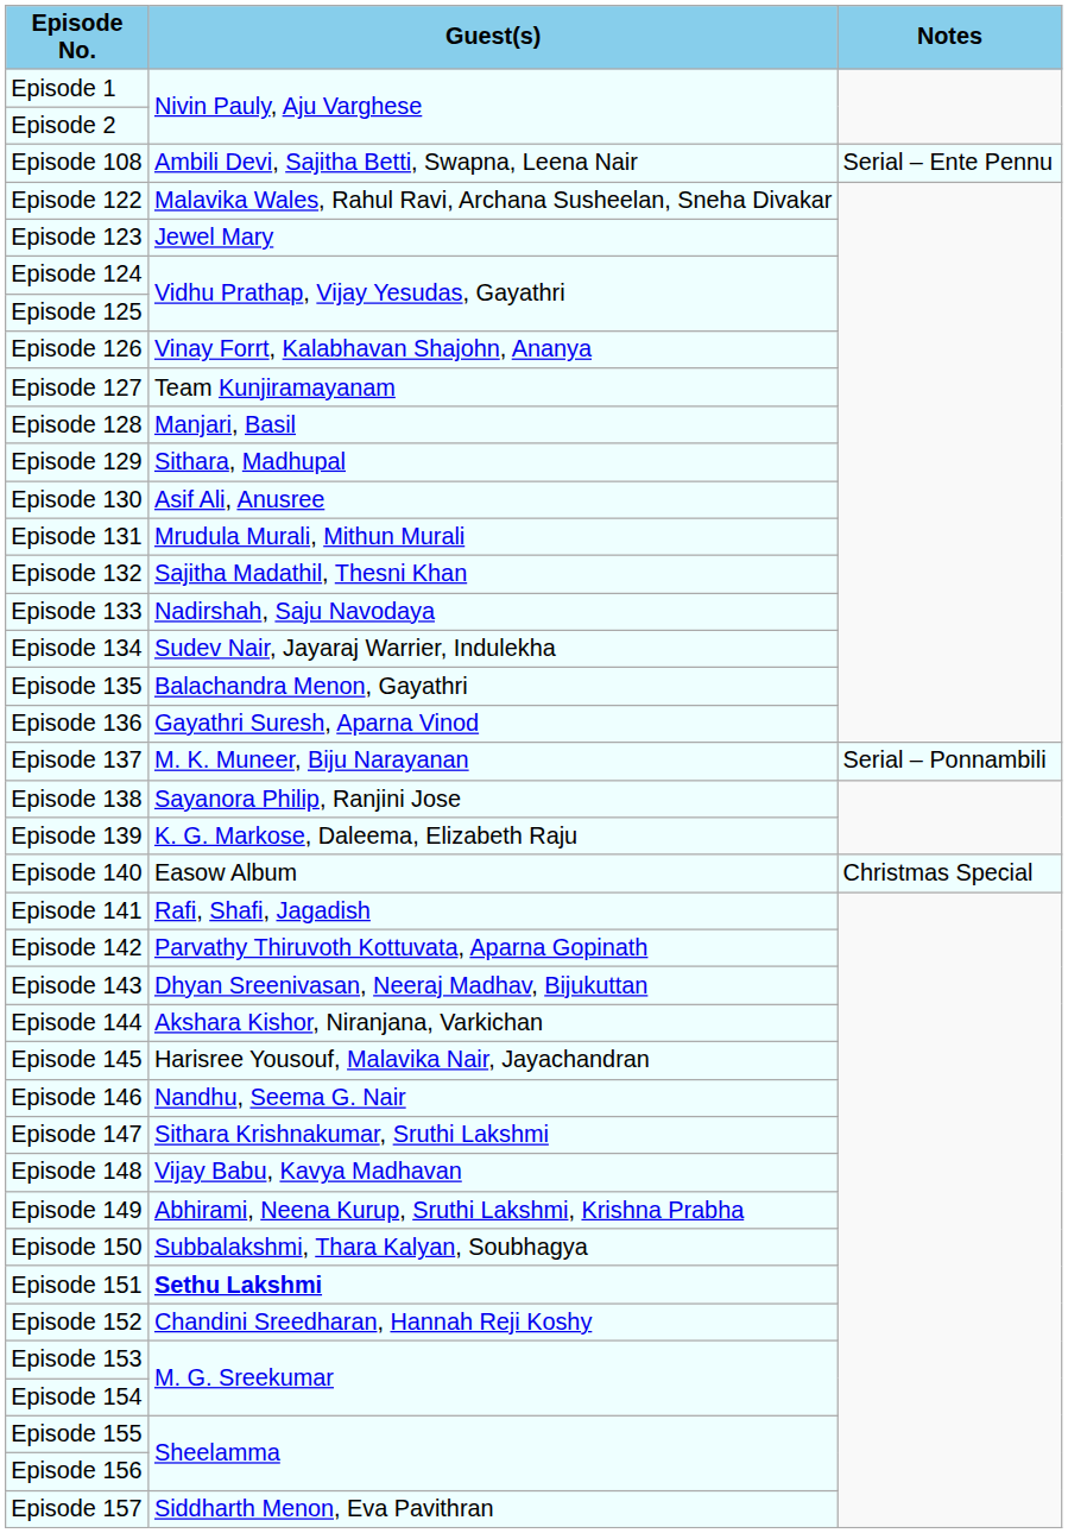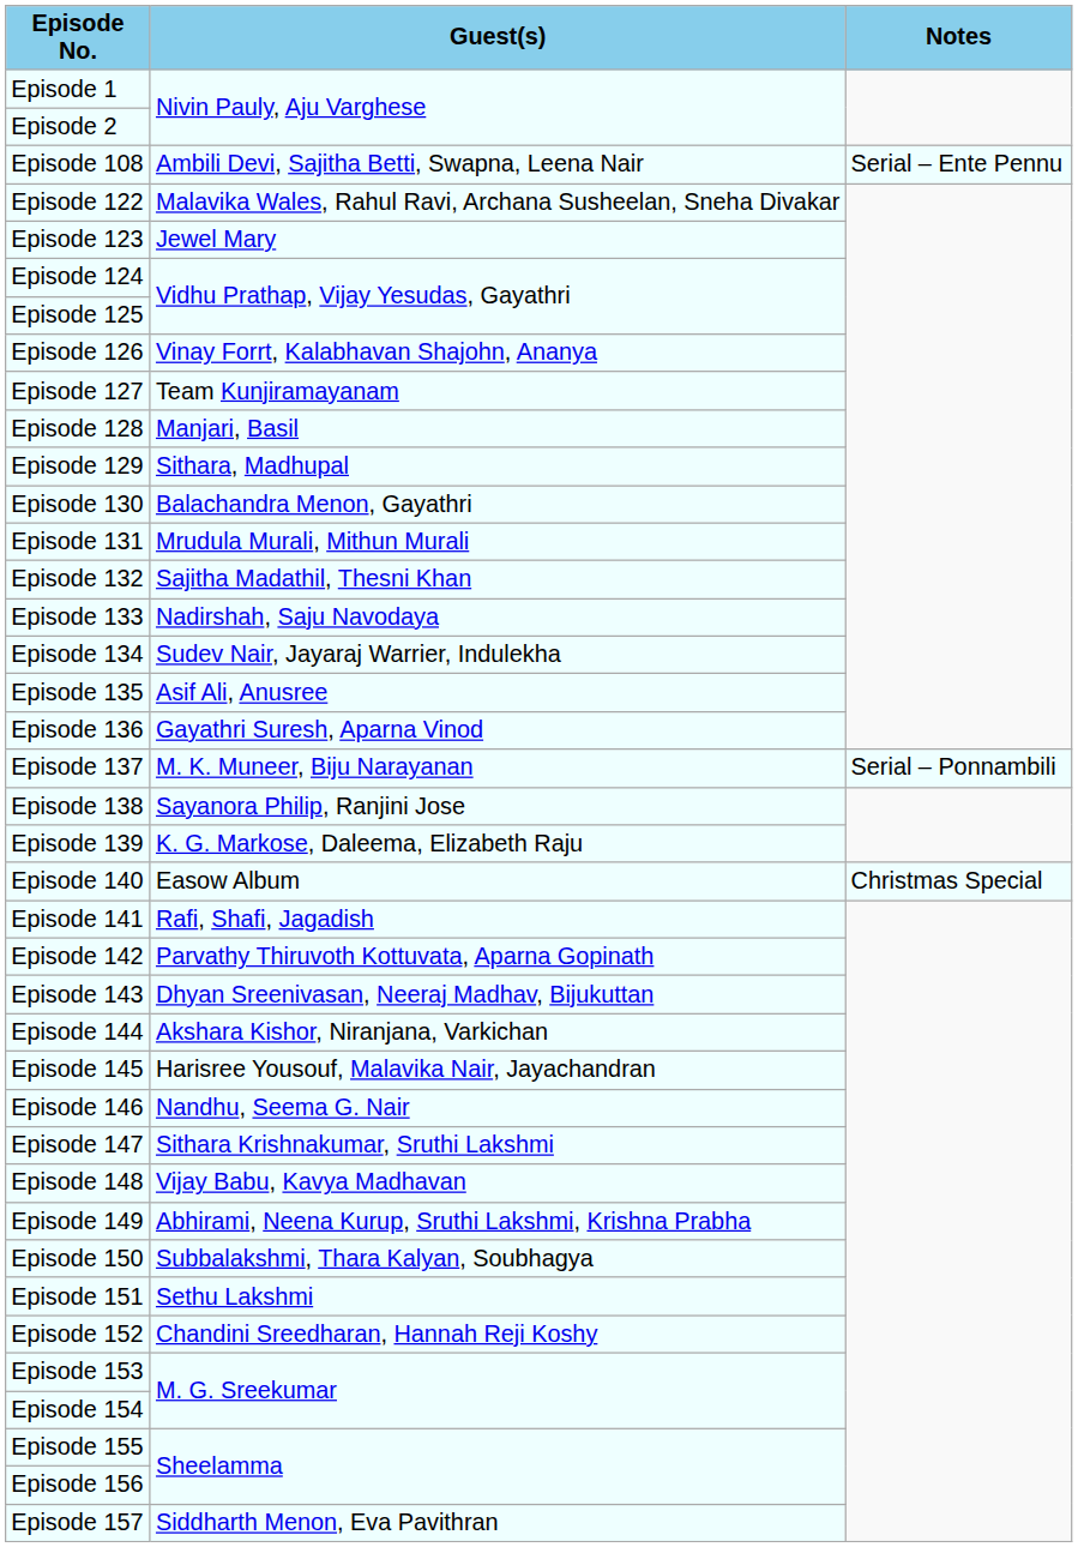 <table class="wikitable">
 <tr>
 <th style="background:skyBlue" width="90">Episode No.</th>
 <th style="background:skyBlue">Guest(s)</th>
 <th style="background:skyBlue" width="145">Notes</th>
 </tr>
 <tr style="background:#eff;">
 <td>Episode 1</td>
 <td rowspan=2><a href='#'>Nivin Pauly</a>, <a href='#'>Aju Varghese</a></td>
 </tr>
 <tr style="background:#eff;">
 <td>Episode 2</td>
 </tr>
 <tr style="background:#eff;">
 <td>Episode 108</td>
 <td><a href='#'>Ambili Devi</a>, <a href='#'>Sajitha Betti</a>, Swapna, Leena Nair</td>
 <td>Serial – Ente Pennu</td>
 </tr>
 <tr style="background:#eff;">
 <td>Episode 122</td>
 <td><a href='#'>Malavika Wales</a>, Rahul Ravi, Archana Susheelan, Sneha Divakar</td>
 </tr>
 <tr style="background:#eff;">
 <td>Episode 123</td>
 <td><a href='#'>Jewel Mary</a></td>
 </tr>
 <tr style="background:#eff;">
 <td>Episode 124</td>
 <td rowspan=2><a href='#'>Vidhu Prathap</a>, <a href='#'>Vijay Yesudas</a>, Gayathri</td>
 </tr>
 <tr style="background:#eff;">
 <td>Episode 125</td>
 </tr>
 <tr style="background:#eff;">
 <td>Episode 126</td>
 <td><a href='#'>Vinay Forrt</a>, <a href='#'>Kalabhavan Shajohn</a>, <a href='#'>Ananya</a></td>
 </tr>
 <tr style="background:#eff;">
 <td>Episode 127</td>
 <td>Team <a href='#'>Kunjiramayanam</a></td>
 </tr>
 <tr style="background:#eff;">
 <td>Episode 128</td>
 <td><a href='#'>Manjari</a>, <a href='#'>Basil</a></td>
 </tr>
 <tr style="background:#eff;">
 <td>Episode 129</td>
 <td><a href='#'>Sithara</a>, <a href='#'>Madhupal</a></td>
 </tr>
 <tr style="background:#eff;">
 <td>Episode 130</td>
-<td><a href='#'>Asif Ali</a>, <a href='#'>Anusree</a></td>
+<td><a href='#'>Balachandra Menon</a>, Gayathri</td>
 </tr>
 <tr style="background:#eff;">
 <td>Episode 131</td>
 <td><a href='#'>Mrudula Murali</a>, <a href='#'>Mithun Murali</a></td>
 </tr>
 <tr style="background:#eff;">
 <td>Episode 132</td>
 <td><a href='#'>Sajitha Madathil</a>, <a href='#'>Thesni Khan</a></td>
 </tr>
 <tr style="background:#eff;">
 <td>Episode 133</td>
 <td><a href='#'>Nadirshah</a>, <a href='#'>Saju Navodaya</a></td>
 </tr>
 <tr style="background:#eff;">
 <td>Episode 134</td>
 <td><a href='#'>Sudev Nair</a>, Jayaraj Warrier, Indulekha</td>
 </tr>
 <tr style="background:#eff;">
 <td>Episode 135</td>
-<td><a href='#'>Balachandra Menon</a>, Gayathri</td>
+<td><a href='#'>Asif Ali</a>, <a href='#'>Anusree</a></td>
 </tr>
 <tr style="background:#eff;">
 <td>Episode 136</td>
 <td><a href='#'>Gayathri Suresh</a>, <a href='#'>Aparna Vinod</a></td>
 </tr>
 <tr style="background:#eff;">
 <td>Episode 137</td>
 <td><a href='#'>M. K. Muneer</a>, <a href='#'>Biju Narayanan</a></td>
 <td>Serial – Ponnambili</td>
 </tr>
 <tr style="background:#eff;">
 <td>Episode 138</td>
 <td><a href='#'>Sayanora Philip</a>, Ranjini Jose</td>
 </tr>
 <tr style="background:#eff;">
 <td>Episode 139</td>
 <td><a href='#'>K. G. Markose</a>, Daleema, Elizabeth Raju</td>
 </tr>
 <tr style="background:#eff;">
 <td>Episode 140</td>
 <td>Easow Album</td>
 <td>Christmas Special</td>
 </tr>
 <tr style="background:#eff;">
 <td>Episode 141</td>
 <td><a href='#'>Rafi</a>, <a href='#'>Shafi</a>, <a href='#'>Jagadish</a></td>
 </tr>
 <tr style="background:#eff;">
 <td>Episode 142</td>
 <td><a href='#'>Parvathy Thiruvoth Kottuvata</a>, <a href='#'>Aparna Gopinath</a></td>
 </tr>
 <tr style="background:#eff;">
 <td>Episode 143</td>
 <td><a href='#'>Dhyan Sreenivasan</a>, <a href='#'>Neeraj Madhav</a>, <a href='#'>Bijukuttan</a></td>
 </tr>
 <tr style="background:#eff;">
 <td>Episode 144</td>
 <td><a href='#'>Akshara Kishor</a>, Niranjana, Varkichan</td>
 </tr>
 <tr style="background:#eff;">
 <td>Episode 145</td>
 <td>Harisree Yousouf, <a href='#'>Malavika Nair</a>, Jayachandran</td>
 </tr>
 <tr style="background:#eff;">
 <td>Episode 146</td>
 <td><a href='#'>Nandhu</a>, <a href='#'>Seema G. Nair</a></td>
 </tr>
 <tr style="background:#eff;">
 <td>Episode 147</td>
 <td><a href='#'>Sithara Krishnakumar</a>, <a href='#'>Sruthi Lakshmi</a></td>
 </tr>
 <tr style="background:#eff;">
 <td>Episode 148</td>
 <td><a href='#'>Vijay Babu</a>, <a href='#'>Kavya Madhavan</a></td>
 </tr>
 <tr style="background:#eff;">
 <td>Episode 149</td>
 <td><a href='#'>Abhirami</a>, <a href='#'>Neena Kurup</a>, <a href='#'>Sruthi Lakshmi</a>, <a href='#'>Krishna Prabha</a></td>
 </tr>
 <tr style="background:#eff;">
 <td>Episode 150</td>
 <td><a href='#'>Subbalakshmi</a>, <a href='#'>Thara Kalyan</a>, Soubhagya</td>
 </tr>
 <tr style="background:#eff;">
 <td>Episode 151</td>
-<td><strong><a href='#'>Sethu Lakshmi</a></strong></td>
+<td><a href='#'>Sethu Lakshmi</a></td>
 </tr>
 <tr style="background:#eff;">
 <td>Episode 152</td>
 <td><a href='#'>Chandini Sreedharan</a>, <a href='#'>Hannah Reji Koshy</a></td>
 </tr>
 <tr style="background:#eff;">
 <td>Episode 153</td>
 <td rowspan=2><a href='#'>M. G. Sreekumar</a></td>
 </tr>
 <tr style="background:#eff;">
 <td>Episode 154</td>
 </tr>
 <tr style="background:#eff;">
 <td>Episode 155</td>
 <td rowspan=2><a href='#'>Sheelamma</a></td>
 </tr>
 <tr style="background:#eff;">
 <td>Episode 156</td>
 </tr>
 <tr style="background:#eff;">
 <td>Episode 157</td>
 <td><a href='#'>Siddharth Menon</a>, Eva Pavithran</td>
 </tr>
 </table>
